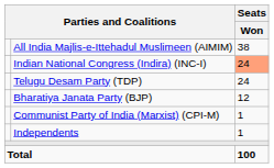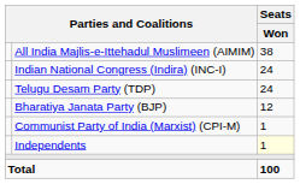 <table class="wikitable sortable">
 <tr>
 <th colspan="2" rowspan="2" width="150">Parties and Coalitions</th>
 <th>Seats</th>
 </tr>
 <tr>
 <th>Won</th>
 </tr>
 <tr>
 <td></td>
 <td align="left"><a href='#'>All India Majlis-e-Ittehadul Muslimeen</a> (AIMIM)</td>
 <td>38</td>
 </tr>
 <tr>
 <td width="2"></td>
 <td align="left"><a href='#'>Indian National Congress (Indira)</a> (INC-I)</td>
-<td style="background: lightsalmon;">24</td>
+<td>24</td>
 </tr>
 <tr>
 <td></td>
 <td align="left"><a href='#'>Telugu Desam Party</a> (TDP)</td>
 <td>24</td>
 </tr>
 <tr>
 <td></td>
 <td align="left"><a href='#'>Bharatiya Janata Party</a> (BJP)</td>
 <td>12</td>
 </tr>
 <tr>
 <td></td>
 <td align="left"><a href='#'>Communist Party of India (Marxist)</a> (CPI-M)</td>
 <td>1</td>
 </tr>
 <tr>
 <td></td>
 <td align="left"><a href='#'>Independents</a></td>
-<td>1</td>
+<td style="background: lightyellow;">1</td>
 </tr>
 <tr>
 <td colspan="3" bgcolor="#E9E9E9"></td>
 </tr>
 <tr style="font-weight:bold;">
 <td colspan="2" align="left">Total</td>
 <td>100</td>
 </tr>
 </table>
